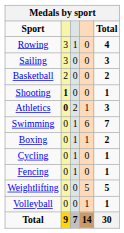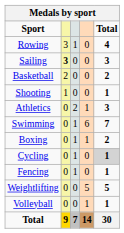 <table class="wikitable" style="font-size:85%; float:right;">
 <tr style="background:#efefef;">
 <th colspan=7><strong>Medals by sport</strong></th>
 </tr>
 <tr align=center>
 <td><strong>Sport</strong></td>
 <td bgcolor=#f7f6a8></td>
 <td bgcolor=#dce5e5></td>
 <td bgcolor=#ffdab9></td>
 <td><strong>Total</strong></td>
 </tr>
 <tr align=center>
 <td><a href='#'>Rowing</a></td>
 <td style="background:#F7F6A8;">3</td>
 <td style="background:#DCE5E5;">1</td>
 <td style="background:#FFDAB9;">0</td>
 <td><strong>4</strong></td>
 </tr>
 <tr align=center>
 <td><a href='#'>Sailing</a></td>
-<td style="background:#F7F6A8;">3</td>
+<td style="background:#F7F6A8;"><strong>3</strong></td>
 <td style="background:#DCE5E5;">0</td>
 <td style="background:#FFDAB9;">0</td>
 <td><strong>3</strong></td>
 </tr>
 <tr align=center>
 <td><a href='#'>Basketball</a></td>
 <td style="background:#F7F6A8;">2</td>
 <td style="background:#DCE5E5;">0</td>
 <td style="background:#FFDAB9;">0</td>
 <td><strong>2</strong></td>
 </tr>
 <tr align=center>
 <td><a href='#'>Shooting</a></td>
-<td style="background:#F7F6A8;"><strong>1</strong></td>
+<td style="background:#F7F6A8;">1</td>
 <td style="background:#DCE5E5;">0</td>
 <td style="background:#FFDAB9;">0</td>
 <td><strong>1</strong></td>
 </tr>
 <tr align=center>
 <td><a href='#'>Athletics</a></td>
-<td style="background:#F7F6A8;"><strong>0</strong></td>
+<td style="background:#F7F6A8;">0</td>
 <td style="background:#DCE5E5;">2</td>
 <td style="background:#FFDAB9;">1</td>
 <td><strong>3</strong></td>
 </tr>
 <tr align=center>
 <td><a href='#'>Swimming</a></td>
 <td style="background:#F7F6A8;">0</td>
 <td style="background:#DCE5E5;">1</td>
 <td style="background:#FFDAB9;">6</td>
 <td><strong>7</strong></td>
 </tr>
 <tr align=center>
 <td><a href='#'>Boxing</a></td>
 <td style="background:#F7F6A8;">0</td>
 <td style="background:#DCE5E5;">1</td>
 <td style="background:#FFDAB9;">1</td>
 <td><strong>2</strong></td>
 </tr>
 <tr align=center>
 <td><a href='#'>Cycling</a></td>
 <td style="background:#F7F6A8;">0</td>
 <td style="background:#DCE5E5;">1</td>
 <td style="background:#FFDAB9;">0</td>
-<td><strong>1</strong></td>
+<td style="background: lightgrey;"><strong>1</strong></td>
 </tr>
 <tr align=center>
 <td><a href='#'>Fencing</a></td>
 <td style="background:#F7F6A8;">0</td>
 <td style="background:#DCE5E5;">1</td>
 <td style="background:#FFDAB9;">0</td>
 <td><strong>1</strong></td>
 </tr>
 <tr align=center>
 <td><a href='#'>Weightlifting</a></td>
 <td style="background:#F7F6A8;">0</td>
 <td style="background:#DCE5E5;">0</td>
 <td style="background:#FFDAB9;">5</td>
 <td><strong>5</strong></td>
 </tr>
 <tr align=center>
 <td><a href='#'>Volleyball</a></td>
 <td style="background:#F7F6A8;">0</td>
 <td style="background:#DCE5E5;">0</td>
 <td style="background:#FFDAB9;">1</td>
 <td><strong>1</strong></td>
 </tr>
 <tr align=center>
 <td><strong>Total</strong></td>
 <th style="background:gold;"><strong>9</strong></th>
 <th style="background:silver;"><strong>7</strong></th>
 <th style="background:#c96;"><strong>14</strong></th>
 <th><strong>30</strong></th>
 </tr>
 </table>
